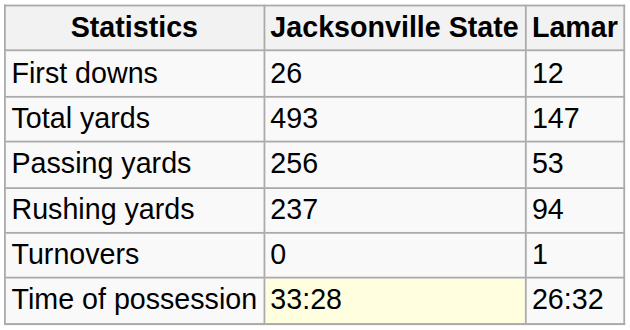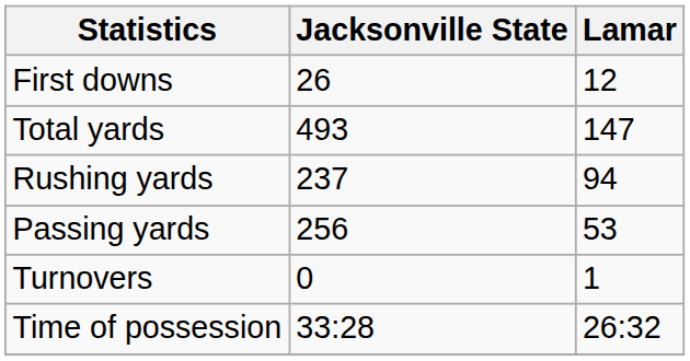 <table class="wikitable" style="float: left;">
 <tr>
 <th>Statistics</th>
 <th><strong>Jacksonville State</strong></th>
 <th><strong>Lamar</strong></th>
 </tr>
 <tr>
 <td>First downs</td>
 <td>26</td>
 <td>12</td>
 </tr>
 <tr>
 <td>Total yards</td>
 <td>493</td>
 <td>147</td>
 </tr>
 <tr>
+<td>Rushing yards</td>
+<td>237</td>
+<td>94</td>
+</tr>
+<tr>
 <td>Passing yards</td>
 <td>256</td>
 <td>53</td>
-</tr>
-<tr>
-<td>Rushing yards</td>
-<td>237</td>
-<td>94</td>
 </tr>
 <tr>
 <td>Turnovers</td>
 <td>0</td>
 <td>1</td>
 </tr>
 <tr>
 <td>Time of possession</td>
-<td style="background: lightyellow;">33:28</td>
+<td>33:28</td>
 <td>26:32</td>
 </tr>
 <tr>
 </tr>
 </table>
